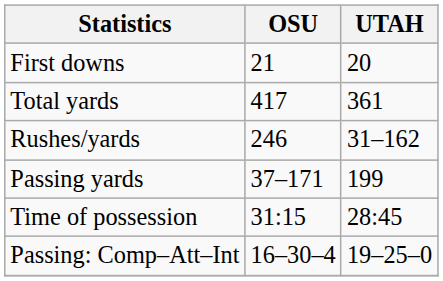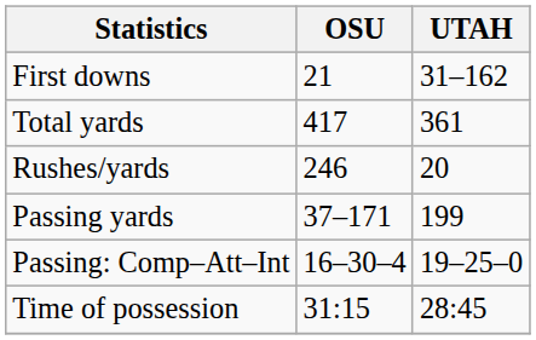 <table class="wikitable" style="float: left;">
 <tr>
 <th>Statistics</th>
 <th>OSU</th>
 <th>UTAH</th>
 </tr>
 <tr>
 <td>First downs</td>
 <td>21</td>
-<td>20</td>
+<td>31–162</td>
 </tr>
 <tr>
 <td>Total yards</td>
 <td>417</td>
 <td>361</td>
 </tr>
 <tr>
 <td>Rushes/yards</td>
 <td>246</td>
-<td>31–162</td>
+<td>20</td>
 </tr>
 <tr>
 <td>Passing yards</td>
 <td>37–171</td>
 <td>199</td>
 </tr>
 <tr>
+<td>Passing: Comp–Att–Int</td>
+<td>16–30–4</td>
+<td>19–25–0</td>
+</tr>
+<tr>
 <td>Time of possession</td>
 <td>31:15</td>
 <td>28:45</td>
 </tr>
 <tr>
-<td>Passing: Comp–Att–Int</td>
-<td>16–30–4</td>
-<td>19–25–0</td>
-</tr>
-<tr>
 </tr>
 </table>
